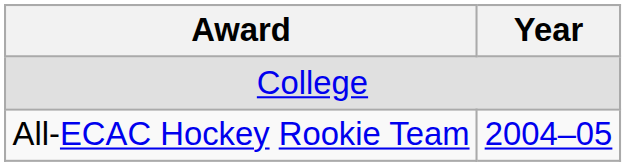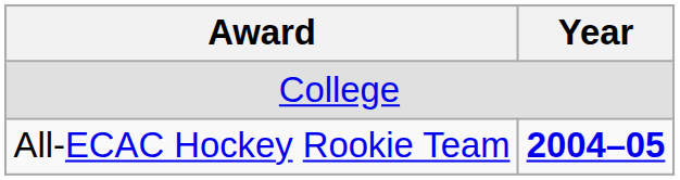 <table class="wikitable">
 <tr>
 <th>Award</th>
 <th>Year</th>
 </tr>
 <tr ALIGN="center" bgcolor="#e0e0e0">
 <td colspan="2"><a href='#'>College</a></td>
 </tr>
 <tr>
 <td>All-<a href='#'>ECAC Hockey</a> <a href='#'>Rookie Team</a></td>
-<td><a href='#'>2004–05</a></td>
+<td><strong><a href='#'>2004–05</a></strong></td>
 </tr>
 </table>
